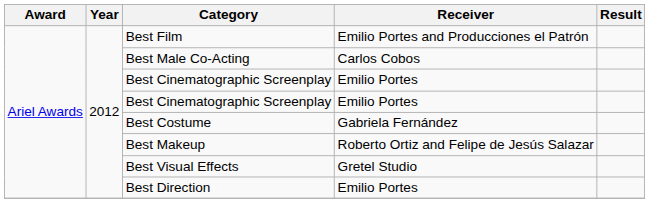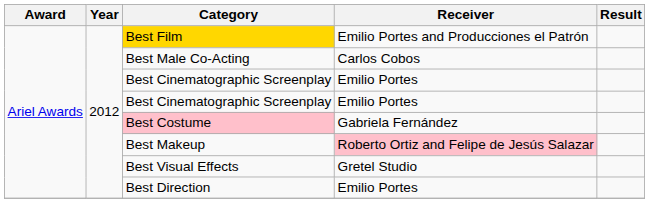 <table class="wikitable">
 <tr>
 <th>Award</th>
 <th>Year</th>
 <th>Category</th>
 <th>Receiver</th>
 <th>Result</th>
 </tr>
 <tr>
 <td rowspan="8"><a href='#'>Ariel Awards</a></td>
 <td rowspan="8">2012</td>
-<td>Best Film</td>
+<td style="background: gold;">Best Film</td>
 <td>Emilio Portes and Producciones el Patrón</td>
 <td></td>
 </tr>
 <tr>
 <td>Best Male Co-Acting</td>
 <td>Carlos Cobos</td>
 <td></td>
 </tr>
 <tr>
 <td>Best Cinematographic Screenplay</td>
 <td>Emilio Portes</td>
 <td></td>
 </tr>
 <tr>
 <td>Best Cinematographic Screenplay</td>
 <td>Emilio Portes</td>
 <td></td>
 </tr>
 <tr>
-<td>Best Costume</td>
+<td style="background: pink;">Best Costume</td>
 <td>Gabriela Fernández</td>
 <td></td>
 </tr>
 <tr>
 <td>Best Makeup</td>
-<td>Roberto Ortiz and Felipe de Jesús Salazar</td>
+<td style="background: pink;">Roberto Ortiz and Felipe de Jesús Salazar</td>
 <td></td>
 </tr>
 <tr>
 <td>Best Visual Effects</td>
 <td>Gretel Studio</td>
 <td></td>
 </tr>
 <tr>
 <td>Best Direction</td>
 <td>Emilio Portes</td>
 <td></td>
 </tr>
 <tr>
 </tr>
 </table>
